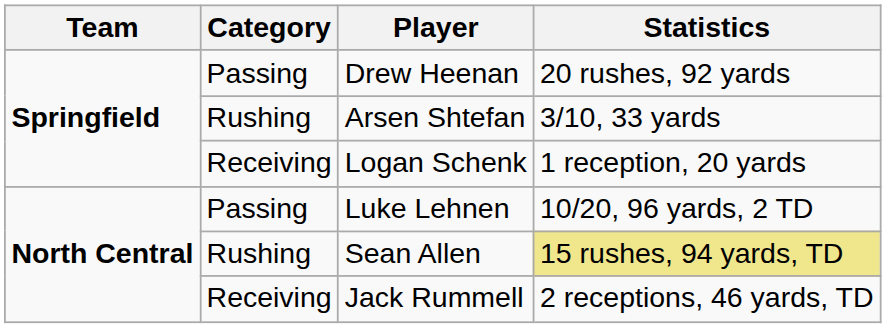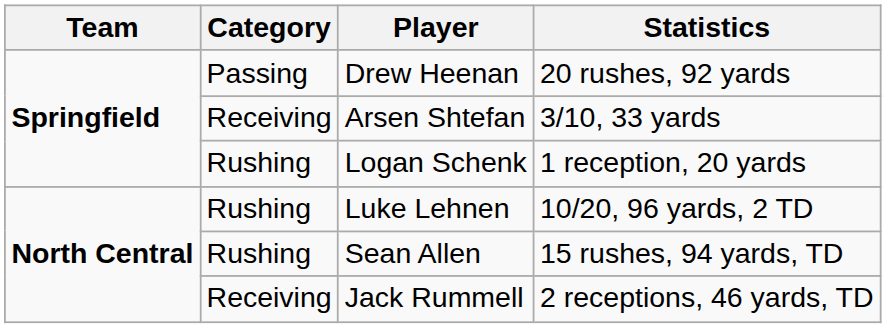 <table class="wikitable" style="float: left;">
 <tr>
 <th>Team</th>
 <th>Category</th>
 <th>Player</th>
 <th>Statistics</th>
 </tr>
 <tr>
 <td rowspan=3><strong>Springfield</strong></td>
 <td>Passing</td>
 <td>Drew Heenan</td>
 <td>20 rushes, 92 yards</td>
 </tr>
 <tr>
-<td>Rushing</td>
+<td>Receiving</td>
 <td>Arsen Shtefan</td>
 <td>3/10, 33 yards</td>
 </tr>
 <tr>
-<td>Receiving</td>
+<td>Rushing</td>
 <td>Logan Schenk</td>
 <td>1 reception, 20 yards</td>
 </tr>
 <tr>
 <td rowspan=3><strong>North Central</strong></td>
-<td>Passing</td>
+<td>Rushing</td>
 <td>Luke Lehnen</td>
 <td>10/20, 96 yards, 2 TD</td>
 </tr>
 <tr>
 <td>Rushing</td>
 <td>Sean Allen</td>
-<td style="background: khaki;">15 rushes, 94 yards, TD</td>
+<td>15 rushes, 94 yards, TD</td>
 </tr>
 <tr>
 <td>Receiving</td>
 <td>Jack Rummell</td>
 <td>2 receptions, 46 yards, TD</td>
 </tr>
 </table>
